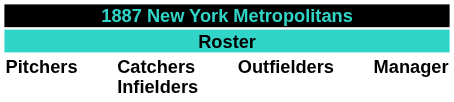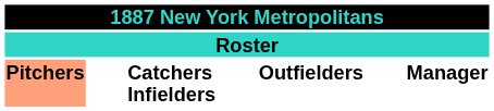 <table class="toccolours" style="font-size: 95%;">
 <tr>
 <th colspan="10" style="background-color: black; color: #30D5C8; text-align: center;">1887 New York Metropolitans</th>
 </tr>
 <tr>
 <td colspan="10" style="background-color: #30D5C8; color: black; text-align: center;"><strong>Roster</strong></td>
 </tr>
 <tr>
-<td valign="top"><strong>Pitchers</strong><br>       </td>
+<td valign="top" style="background: lightsalmon;"><strong>Pitchers</strong><br>       </td>
 <td width="25px"></td>
 <td valign="top"><strong>Catchers</strong><br>     <strong>Infielders</strong>          </td>
 <td width="25px"></td>
 <td valign="top"><strong>Outfielders</strong><br>         </td>
 <td width="25px"></td>
 <td valign="top"><strong>Manager</strong><br>  </td>
 </tr>
 </table>
